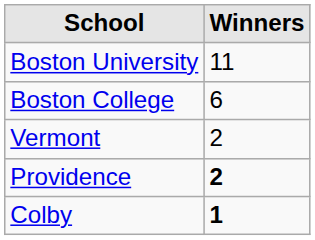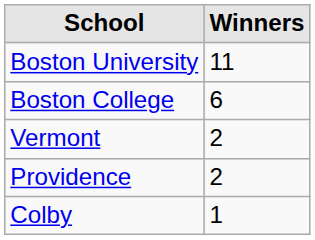 <table class="wikitable">
 <tr>
 <th style="background:#e5e5e5;">School</th>
 <th style="background:#e5e5e5;">Winners</th>
 </tr>
 <tr>
 <td><a href='#'>Boston University</a></td>
 <td>11</td>
 </tr>
 <tr>
 <td><a href='#'>Boston College</a></td>
 <td>6</td>
 </tr>
 <tr>
 <td><a href='#'>Vermont</a></td>
 <td>2</td>
 </tr>
 <tr>
 <td><a href='#'>Providence</a></td>
-<td><strong>2</strong></td>
+<td>2</td>
 </tr>
 <tr>
 <td><a href='#'>Colby</a></td>
-<td><strong>1</strong></td>
+<td>1</td>
 </tr>
 </table>
